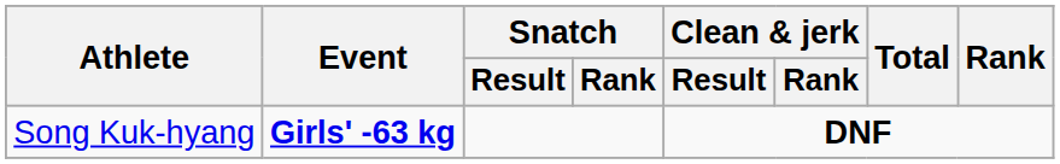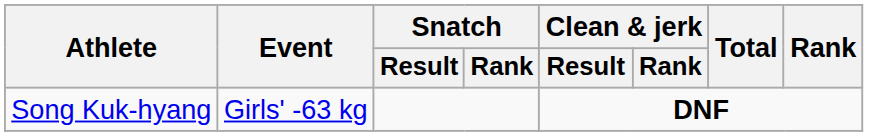 <table class=wikitable style="text-align:center; font-size:90%">
 <tr>
 <th rowspan="2">Athlete</th>
 <th rowspan="2">Event</th>
 <th colspan="2">Snatch</th>
 <th colspan="2">Clean & jerk</th>
 <th rowspan="2">Total</th>
 <th rowspan="2">Rank</th>
 </tr>
 <tr style="font-size:95%">
 <th>Result</th>
 <th>Rank</th>
 <th>Result</th>
 <th>Rank</th>
 </tr>
 <tr>
 <td><a href='#'>Song Kuk-hyang</a></td>
-<td><strong><a href='#'>Girls' -63 kg</a></strong></td>
+<td><a href='#'>Girls' -63 kg</a></td>
 <td colspan=2></td>
 <td colspan=4><strong>DNF</strong></td>
 </tr>
 </table>
